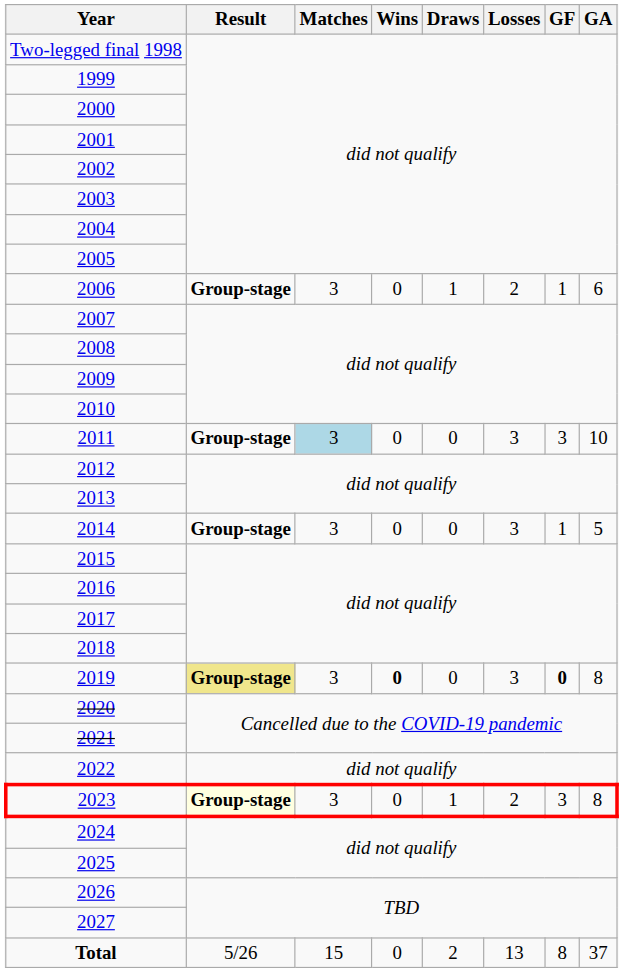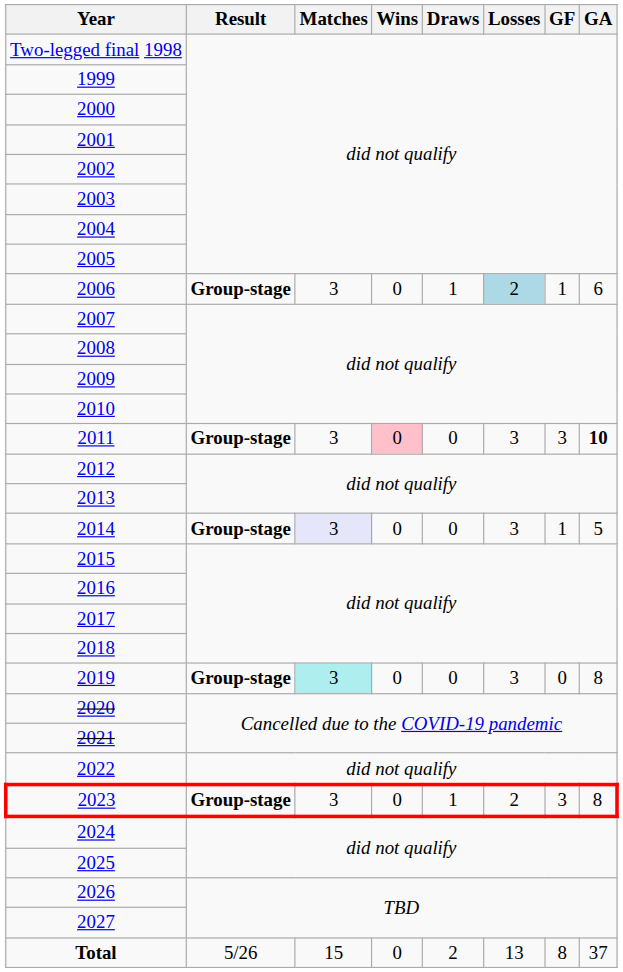 <table class="wikitable" style="text-align: center;">
 <tr>
 <th>Year</th>
 <th>Result</th>
 <th>Matches</th>
 <th>Wins</th>
 <th>Draws</th>
 <th>Losses</th>
 <th>GF</th>
 <th>GA</th>
 </tr>
 <tr>
 <td><a href='#'>Two-legged final</a> <a href='#'>1998</a></td>
 <td colspan=7 rowspan=8><em>did not qualify</em></td>
 </tr>
 <tr>
 <td> <a href='#'>1999</a></td>
 </tr>
 <tr>
 <td> <a href='#'>2000</a></td>
 </tr>
 <tr>
 <td> <a href='#'>2001</a></td>
 </tr>
 <tr>
 <td> <a href='#'>2002</a></td>
 </tr>
 <tr>
 <td> <a href='#'>2003</a></td>
 </tr>
 <tr>
 <td> <a href='#'>2004</a></td>
 </tr>
 <tr>
 <td> <a href='#'>2005</a></td>
 </tr>
 <tr>
 <td> <a href='#'>2006</a></td>
 <td><strong>Group-stage</strong></td>
 <td>3</td>
 <td>0</td>
 <td>1</td>
-<td>2</td>
+<td style="background: lightblue;">2</td>
 <td>1</td>
 <td>6</td>
 </tr>
 <tr>
 <td> <a href='#'>2007</a></td>
 <td colspan=7 rowspan=4><em>did not qualify</em></td>
 </tr>
 <tr>
 <td> <a href='#'>2008</a></td>
 </tr>
 <tr>
 <td> <a href='#'>2009</a></td>
 </tr>
 <tr>
 <td> <a href='#'>2010</a></td>
 </tr>
 <tr>
 <td> <a href='#'>2011</a></td>
 <td><strong>Group-stage</strong></td>
-<td style="background: lightblue;">3</td>
-<td>0</td>
+<td>3</td>
+<td style="background: pink;">0</td>
 <td>0</td>
 <td>3</td>
 <td>3</td>
-<td>10</td>
+<td><strong>10</strong></td>
 </tr>
 <tr>
 <td> <a href='#'>2012</a></td>
 <td colspan=7 rowspan=2><em>did not qualify</em></td>
 </tr>
 <tr>
 <td> <a href='#'>2013</a></td>
 </tr>
 <tr>
 <td> <a href='#'>2014</a></td>
 <td><strong>Group-stage</strong></td>
-<td>3</td>
+<td style="background: lavender;">3</td>
 <td>0</td>
 <td>0</td>
 <td>3</td>
 <td>1</td>
 <td>5</td>
 </tr>
 <tr>
 <td> <a href='#'>2015</a></td>
 <td colspan=7 rowspan=4><em>did not qualify</em></td>
 </tr>
 <tr>
 <td> <a href='#'>2016</a></td>
 </tr>
 <tr>
 <td> <a href='#'>2017</a></td>
 </tr>
 <tr>
 <td> <a href='#'>2018</a></td>
 </tr>
 <tr>
 <td> <a href='#'>2019</a></td>
-<td style="background: khaki;"><strong>Group-stage</strong></td>
-<td>3</td>
-<td><strong>0</strong></td>
+<td><strong>Group-stage</strong></td>
+<td style="background: paleturquoise;">3</td>
+<td>0</td>
 <td>0</td>
 <td>3</td>
-<td><strong>0</strong></td>
+<td>0</td>
 <td>8</td>
 </tr>
 <tr>
 <td> <s><a href='#'>2020</a></s></td>
 <td colspan=7 rowspan=2><em>Cancelled due to the <a href='#'>COVID-19 pandemic</a></em></td>
 </tr>
 <tr>
 <td> <s><a href='#'>2021</a></s></td>
 </tr>
 <tr>
 <td> <a href='#'>2022</a></td>
 <td colspan=7 rowspan=1><em>did not qualify</em></td>
 </tr>
 <tr style="border: 3px solid red">
 <td> <a href='#'>2023</a></td>
-<td style="background: lightyellow;"><strong>Group-stage</strong></td>
+<td><strong>Group-stage</strong></td>
 <td>3</td>
 <td>0</td>
 <td>1</td>
 <td>2</td>
 <td>3</td>
 <td>8</td>
 </tr>
 <tr>
 <td> <a href='#'>2024</a></td>
 <td colspan=7 rowspan=2><em>did not qualify</em></td>
 </tr>
 <tr>
 <td> <a href='#'>2025</a></td>
 </tr>
 <tr>
 <td> <a href='#'>2026</a></td>
 <td colspan=8 rowspan=2><em>TBD</em></td>
 </tr>
 <tr>
 <td> <a href='#'>2027</a></td>
 </tr>
 <tr>
 <td><strong>Total</strong></td>
 <td>5/26</td>
 <td>15</td>
 <td>0</td>
 <td>2</td>
 <td>13</td>
 <td>8</td>
 <td>37</td>
 </tr>
 </table>
